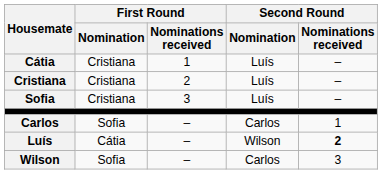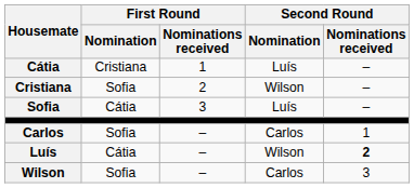 <table class="wikitable" style="text-align:center; font-size:90%; line-height:15px;">
 <tr>
 <th rowspan=2>Housemate</th>
 <th colspan=2>First Round</th>
 <th colspan=2>Second Round</th>
 </tr>
 <tr>
 <th>Nomination</th>
 <th>Nominations<br>received</th>
 <th>Nomination</th>
 <th>Nominations<br>received</th>
 </tr>
 <tr>
 <th>Cátia</th>
 <td>Cristiana</td>
 <td>1</td>
 <td>Luís</td>
 <td>–</td>
 </tr>
 <tr>
 <th>Cristiana</th>
-<td>Cristiana</td>
+<td>Sofia</td>
 <td>2</td>
-<td>Luís</td>
+<td>Wilson</td>
 <td>–</td>
 </tr>
 <tr>
 <th>Sofia</th>
-<td>Cristiana</td>
+<td>Cátia</td>
 <td>3</td>
 <td>Luís</td>
 <td>–</td>
 </tr>
 <tr>
 <th style="background:#000;" colspan="5"></th>
 </tr>
 <tr>
 <th>Carlos</th>
 <td>Sofia</td>
 <td>–</td>
 <td>Carlos</td>
 <td>1</td>
 </tr>
 <tr>
 <th>Luís</th>
 <td>Cátia</td>
 <td>–</td>
 <td>Wilson</td>
 <td><strong>2</strong></td>
 </tr>
 <tr>
 <th>Wilson</th>
 <td>Sofia</td>
 <td>–</td>
 <td>Carlos</td>
 <td>3</td>
 </tr>
 </table>
